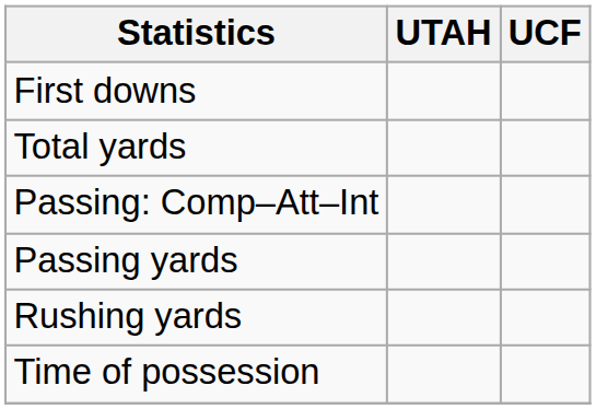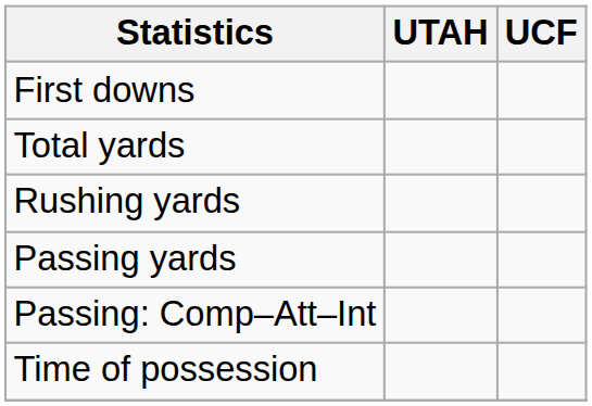 <table class="wikitable" style="float: left;">
 <tr>
 <th>Statistics</th>
 <th>UTAH</th>
 <th>UCF</th>
 </tr>
 <tr>
 <td>First downs</td>
 <td></td>
 <td></td>
 </tr>
 <tr>
 <td>Total yards</td>
 <td></td>
 <td></td>
 </tr>
 <tr>
-<td>Passing: Comp–Att–Int</td>
+<td>Rushing yards</td>
 <td></td>
 <td></td>
 </tr>
 <tr>
 <td>Passing yards</td>
 <td></td>
 <td></td>
 </tr>
 <tr>
-<td>Rushing yards</td>
+<td>Passing: Comp–Att–Int</td>
 <td></td>
 <td></td>
 </tr>
 <tr>
 <td>Time of possession</td>
 <td></td>
 <td></td>
 </tr>
 <tr>
 </tr>
 </table>
